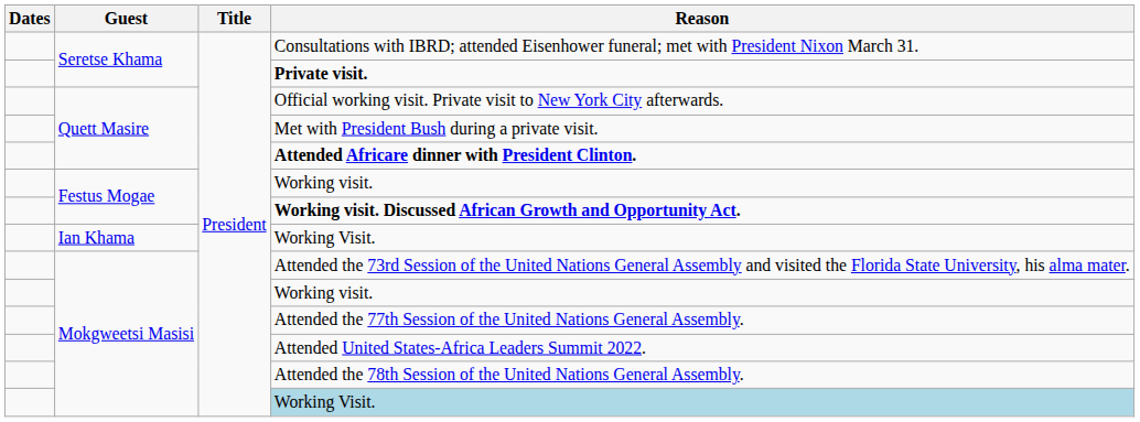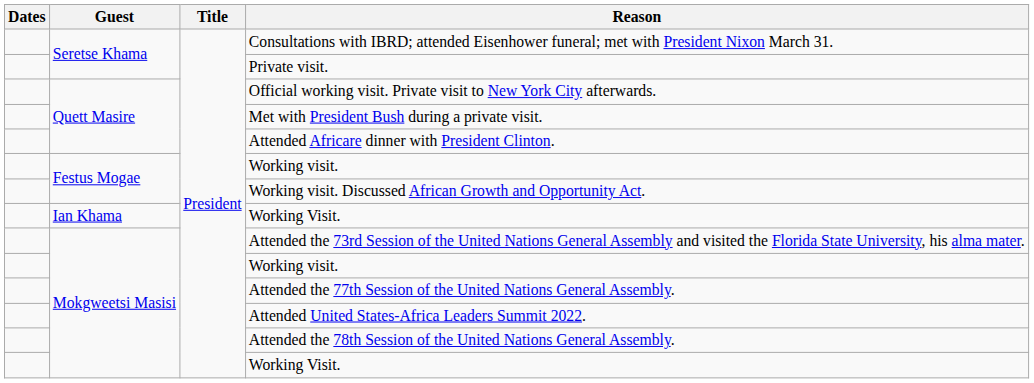 <table class="wikitable sortable">
 <tr>
 <th>Dates</th>
 <th>Guest</th>
 <th>Title</th>
 <th>Reason</th>
 </tr>
 <tr>
 <td></td>
 <td rowspan="2"><a href='#'>Seretse Khama</a></td>
 <td rowspan="14"><a href='#'>President</a></td>
 <td>Consultations with IBRD; attended Eisenhower funeral; met with <a href='#'>President Nixon</a> March 31.</td>
 </tr>
 <tr>
 <td></td>
-<td><strong>Private visit.</strong></td>
+<td>Private visit.</td>
 </tr>
 <tr>
 <td></td>
 <td rowspan="3"><a href='#'>Quett Masire</a></td>
 <td>Official working visit. Private visit to <a href='#'>New York City</a> afterwards.</td>
 </tr>
 <tr>
 <td></td>
 <td>Met with <a href='#'>President Bush</a> during a private visit.</td>
 </tr>
 <tr>
 <td></td>
-<td><strong>Attended <a href='#'>Africare</a> dinner with <a href='#'>President Clinton</a>.</strong></td>
+<td>Attended <a href='#'>Africare</a> dinner with <a href='#'>President Clinton</a>.</td>
 </tr>
 <tr>
 <td></td>
 <td rowspan="2"><a href='#'>Festus Mogae</a></td>
 <td>Working visit.</td>
 </tr>
 <tr>
 <td></td>
-<td><strong>Working visit. Discussed <a href='#'>African Growth and Opportunity Act</a>.</strong></td>
+<td>Working visit. Discussed <a href='#'>African Growth and Opportunity Act</a>.</td>
 </tr>
 <tr>
 <td></td>
 <td><a href='#'>Ian Khama</a></td>
 <td>Working Visit.</td>
 </tr>
 <tr>
 <td></td>
 <td rowspan="6"><a href='#'>Mokgweetsi Masisi</a></td>
 <td>Attended the <a href='#'>73rd Session of the United Nations General Assembly</a> and visited the <a href='#'>Florida State University</a>, his <a href='#'>alma mater</a>.</td>
 </tr>
 <tr>
 <td></td>
 <td>Working visit.</td>
 </tr>
 <tr>
 <td></td>
 <td>Attended the <a href='#'>77th Session of the United Nations General Assembly</a>.</td>
 </tr>
 <tr>
 <td></td>
 <td>Attended <a href='#'>United States-Africa Leaders Summit 2022</a>.</td>
 </tr>
 <tr>
 <td></td>
 <td>Attended the <a href='#'>78th Session of the United Nations General Assembly</a>.</td>
 </tr>
 <tr>
 <td></td>
-<td style="background: lightblue;">Working Visit.</td>
+<td>Working Visit.</td>
 </tr>
 </table>
